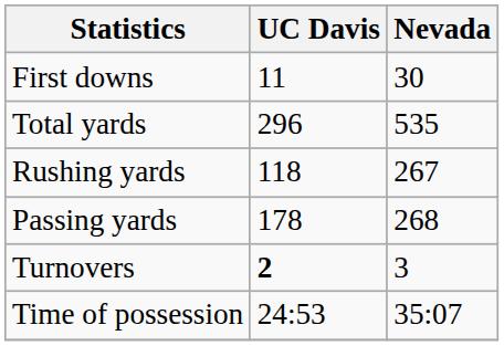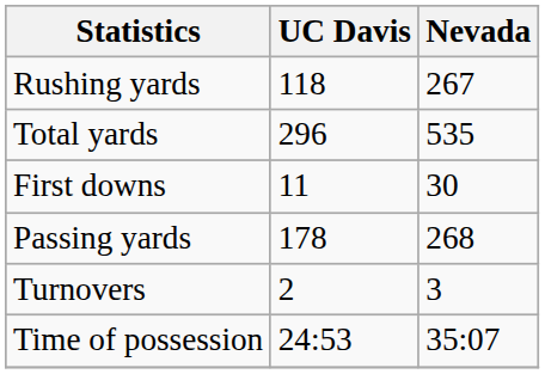 <table class="wikitable">
 <tr>
 <th>Statistics</th>
 <th>UC Davis</th>
 <th>Nevada</th>
 </tr>
 <tr>
-<td>First downs</td>
-<td>11</td>
-<td>30</td>
+<td>Rushing yards</td>
+<td>118</td>
+<td>267</td>
 </tr>
 <tr>
 <td>Total yards</td>
 <td>296</td>
 <td>535</td>
 </tr>
 <tr>
-<td>Rushing yards</td>
-<td>118</td>
-<td>267</td>
+<td>First downs</td>
+<td>11</td>
+<td>30</td>
 </tr>
 <tr>
 <td>Passing yards</td>
 <td>178</td>
 <td>268</td>
 </tr>
 <tr>
 <td>Turnovers</td>
-<td><strong>2</strong></td>
+<td>2</td>
 <td>3</td>
 </tr>
 <tr>
 <td>Time of possession</td>
 <td>24:53</td>
 <td>35:07</td>
 </tr>
 <tr>
 </tr>
 </table>
